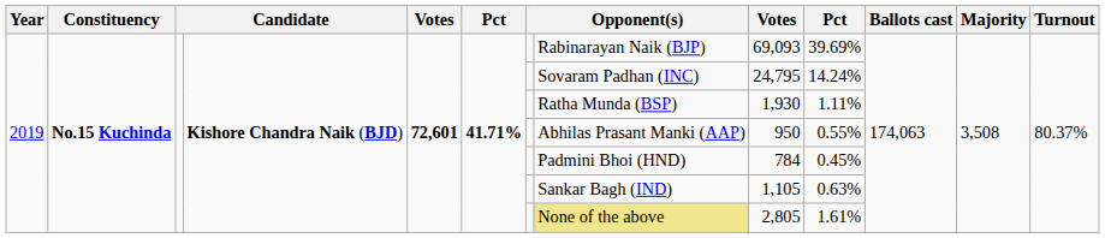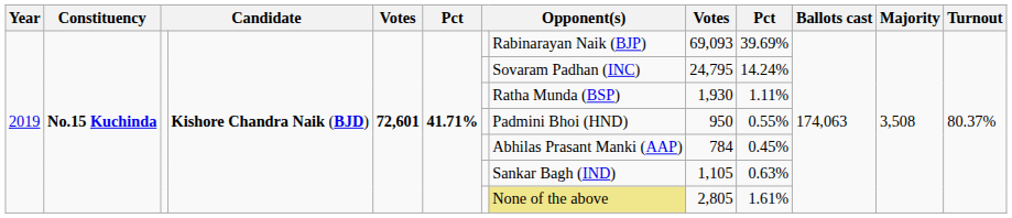 <table class="wikitable" style="margin:0.5em ; font-size:95%">
 <tr>
 <th>Year</th>
 <th>Constituency</th>
 <th colspan=2>Candidate</th>
 <th>Votes</th>
 <th>Pct</th>
 <th colspan=2>Opponent(s)</th>
 <th>Votes</th>
 <th>Pct</th>
 <th>Ballots cast</th>
 <th>Majority</th>
 <th>Turnout</th>
 </tr>
 <tr>
 <td rowspan=7><a href='#'>2019</a></td>
 <td rowspan=7><strong>No.15 <a href='#'>Kuchinda</a></strong></td>
 <td rowspan=7 ></td>
 <td rowspan=7><strong>Kishore Chandra Naik</strong> (<a href='#'><strong>BJD</strong></a>)</td>
 <td rowspan=7 align=right><strong>72,601</strong></td>
 <td rowspan=7><strong>41.71%</strong></td>
 <td></td>
 <td>Rabinarayan Naik (<a href='#'>BJP</a>)</td>
 <td align=right>69,093</td>
 <td>39.69%</td>
 <td rowspan=7>174,063</td>
 <td rowspan=7>3,508</td>
 <td rowspan=7>80.37%</td>
 </tr>
 <tr>
 <td bgcolor=></td>
 <td>Sovaram Padhan (<a href='#'>INC</a>)</td>
 <td align=right>24,795</td>
 <td align=right>14.24%</td>
 </tr>
 <tr>
 <td bgcolor=></td>
 <td>Ratha Munda (<a href='#'>BSP</a>)</td>
 <td align=right>1,930</td>
 <td align=right>1.11%</td>
 </tr>
 <tr>
 <td bgcolor=></td>
-<td>Abhilas Prasant Manki (<a href='#'>AAP</a>)</td>
+<td>Padmini Bhoi (HND)</td>
 <td align=right>950</td>
 <td align=right>0.55%</td>
 </tr>
 <tr>
 <td bgcolor=></td>
-<td>Padmini Bhoi (HND)</td>
+<td>Abhilas Prasant Manki (<a href='#'>AAP</a>)</td>
 <td align=right>784</td>
 <td align=right>0.45%</td>
 </tr>
 <tr>
 <td></td>
 <td>Sankar Bagh (<a href='#'>IND</a>)</td>
 <td align=right>1,105</td>
 <td align=right>0.63%</td>
 </tr>
 <tr>
 <td bgcolor=></td>
 <td style="background: khaki;">None of the above</td>
 <td align=right>2,805</td>
 <td align=right>1.61%</td>
 </tr>
 </table>
